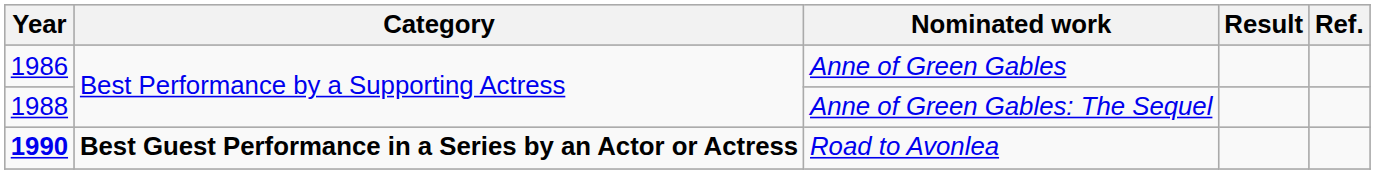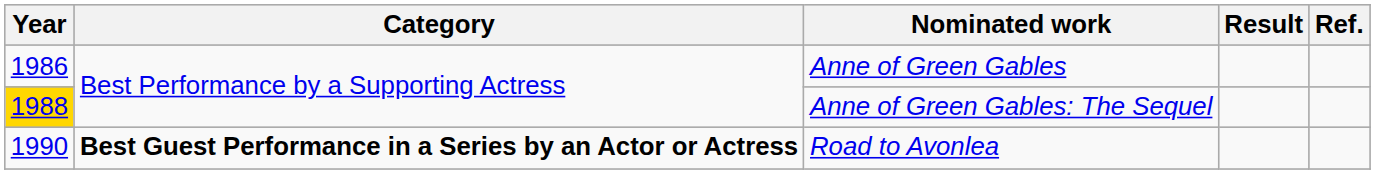 <table class="wikitable">
 <tr>
 <th>Year</th>
 <th>Category</th>
 <th>Nominated work</th>
 <th>Result</th>
 <th>Ref.</th>
 </tr>
 <tr>
 <td><a href='#'>1986</a></td>
 <td rowspan="2"><a href='#'>Best Performance by a Supporting Actress</a></td>
 <td><em><a href='#'>Anne of Green Gables</a></em></td>
 <td></td>
 <td align="center"></td>
 </tr>
 <tr>
-<td><a href='#'>1988</a></td>
+<td style="background: gold;"><a href='#'>1988</a></td>
 <td><em><a href='#'>Anne of Green Gables: The Sequel</a></em></td>
 <td></td>
 <td align="center"></td>
 </tr>
 <tr>
-<td><strong><a href='#'>1990</a></strong></td>
+<td><a href='#'>1990</a></td>
 <td><strong>Best Guest Performance in a Series by an Actor or Actress</strong></td>
 <td><em><a href='#'>Road to Avonlea</a></em></td>
 <td></td>
 <td align="center"></td>
 </tr>
 </table>
